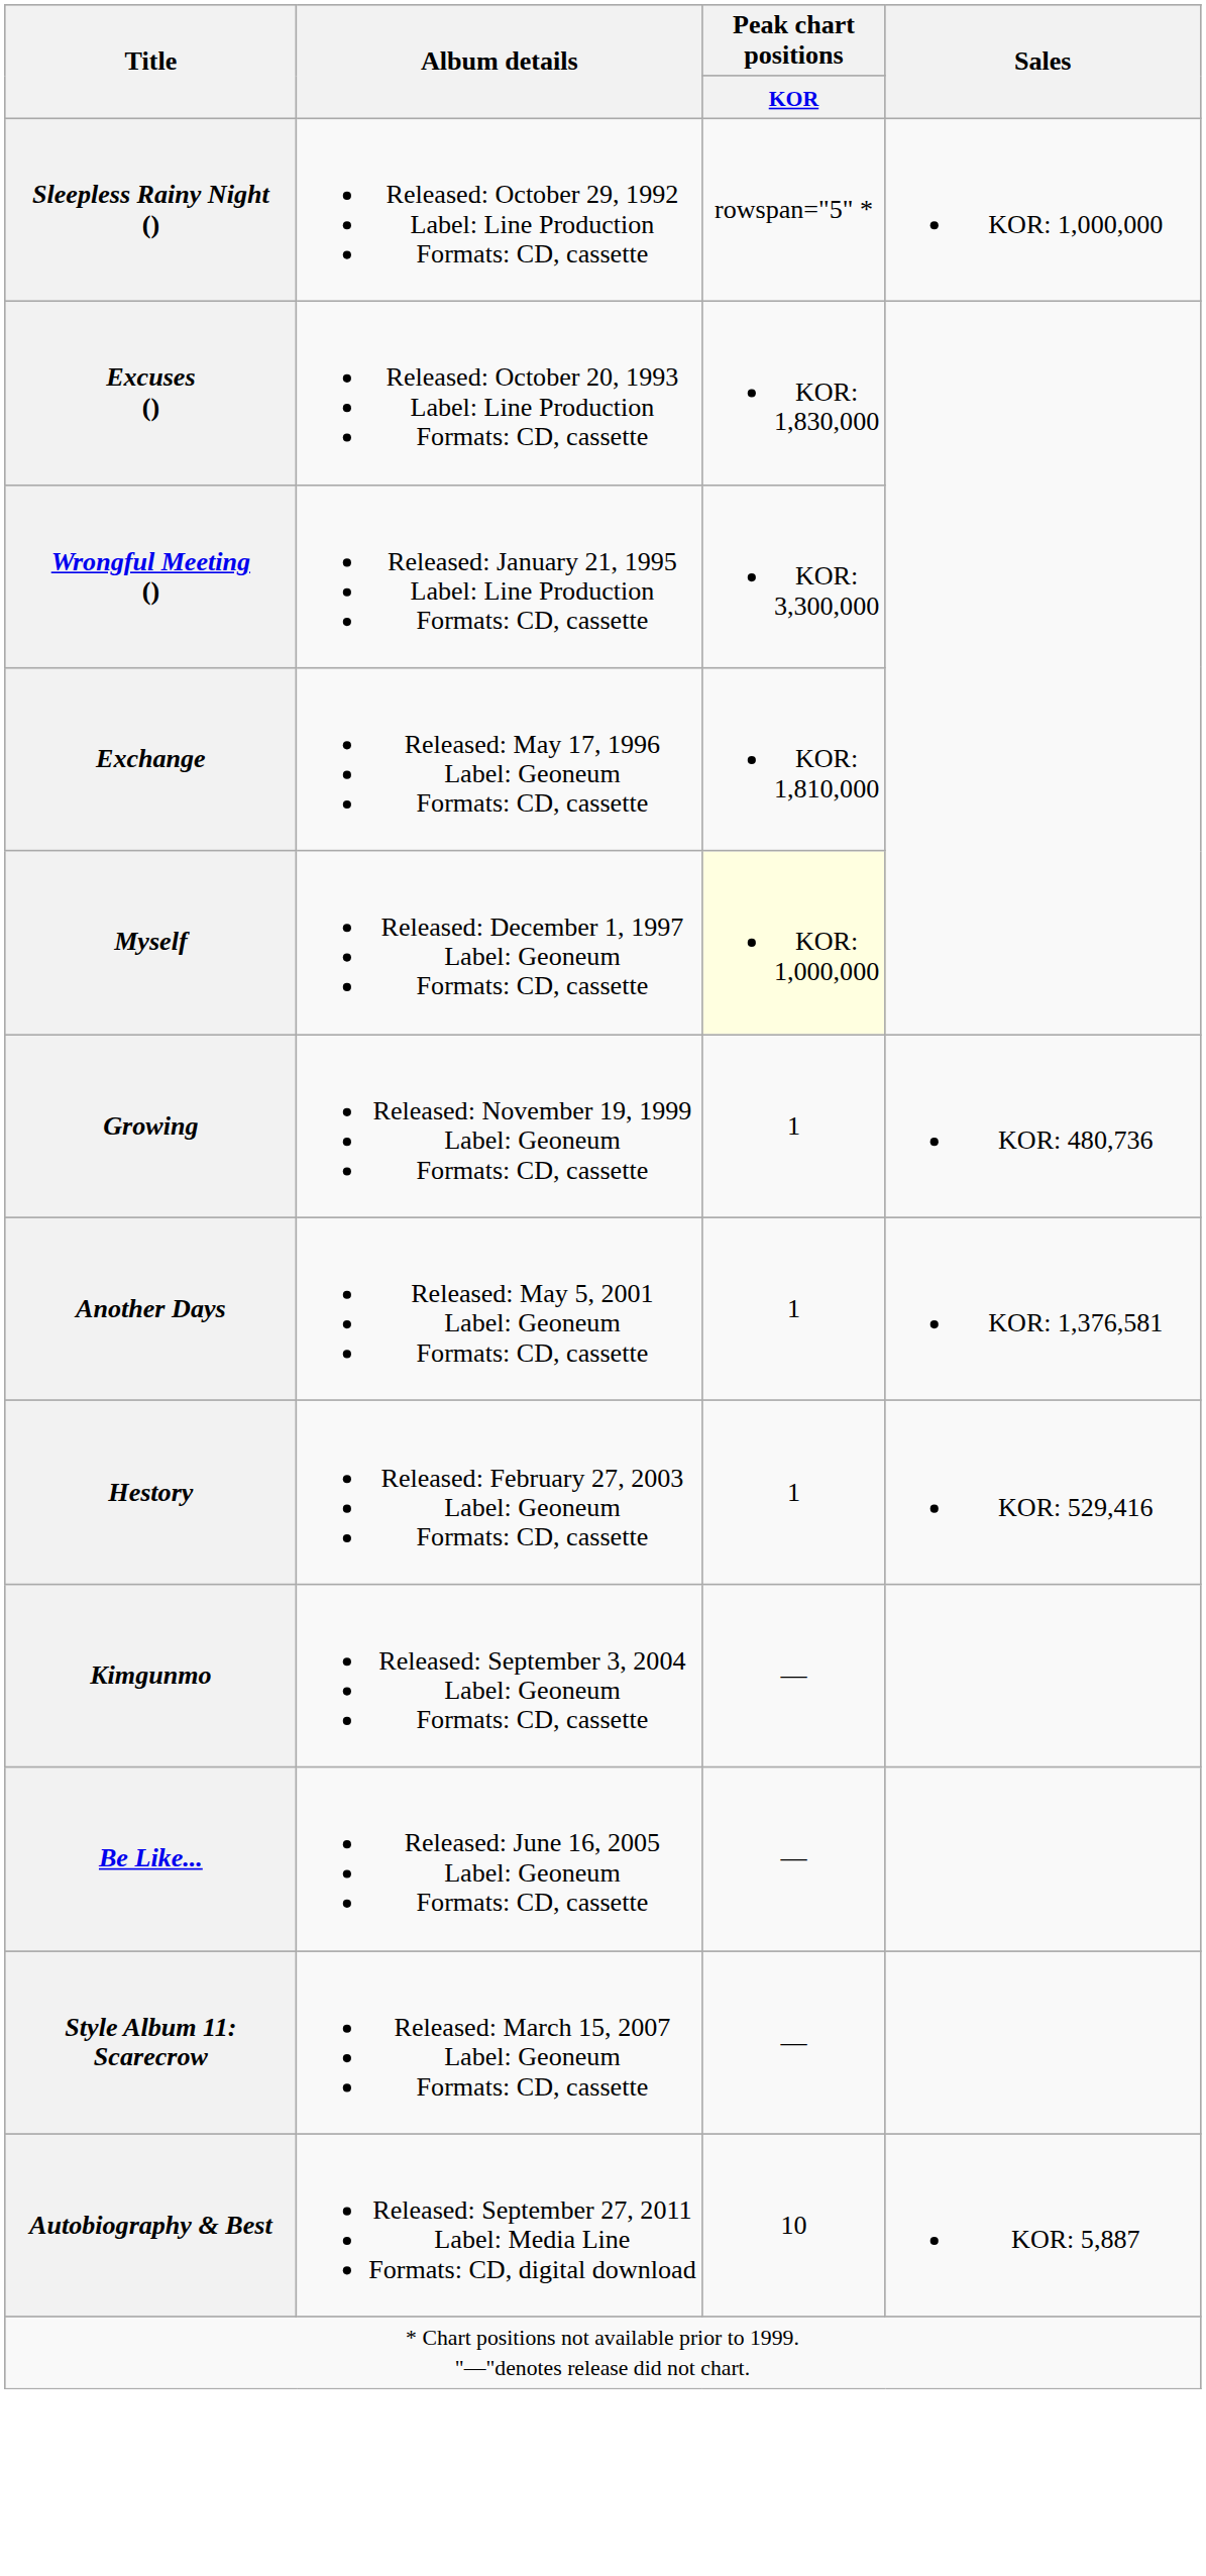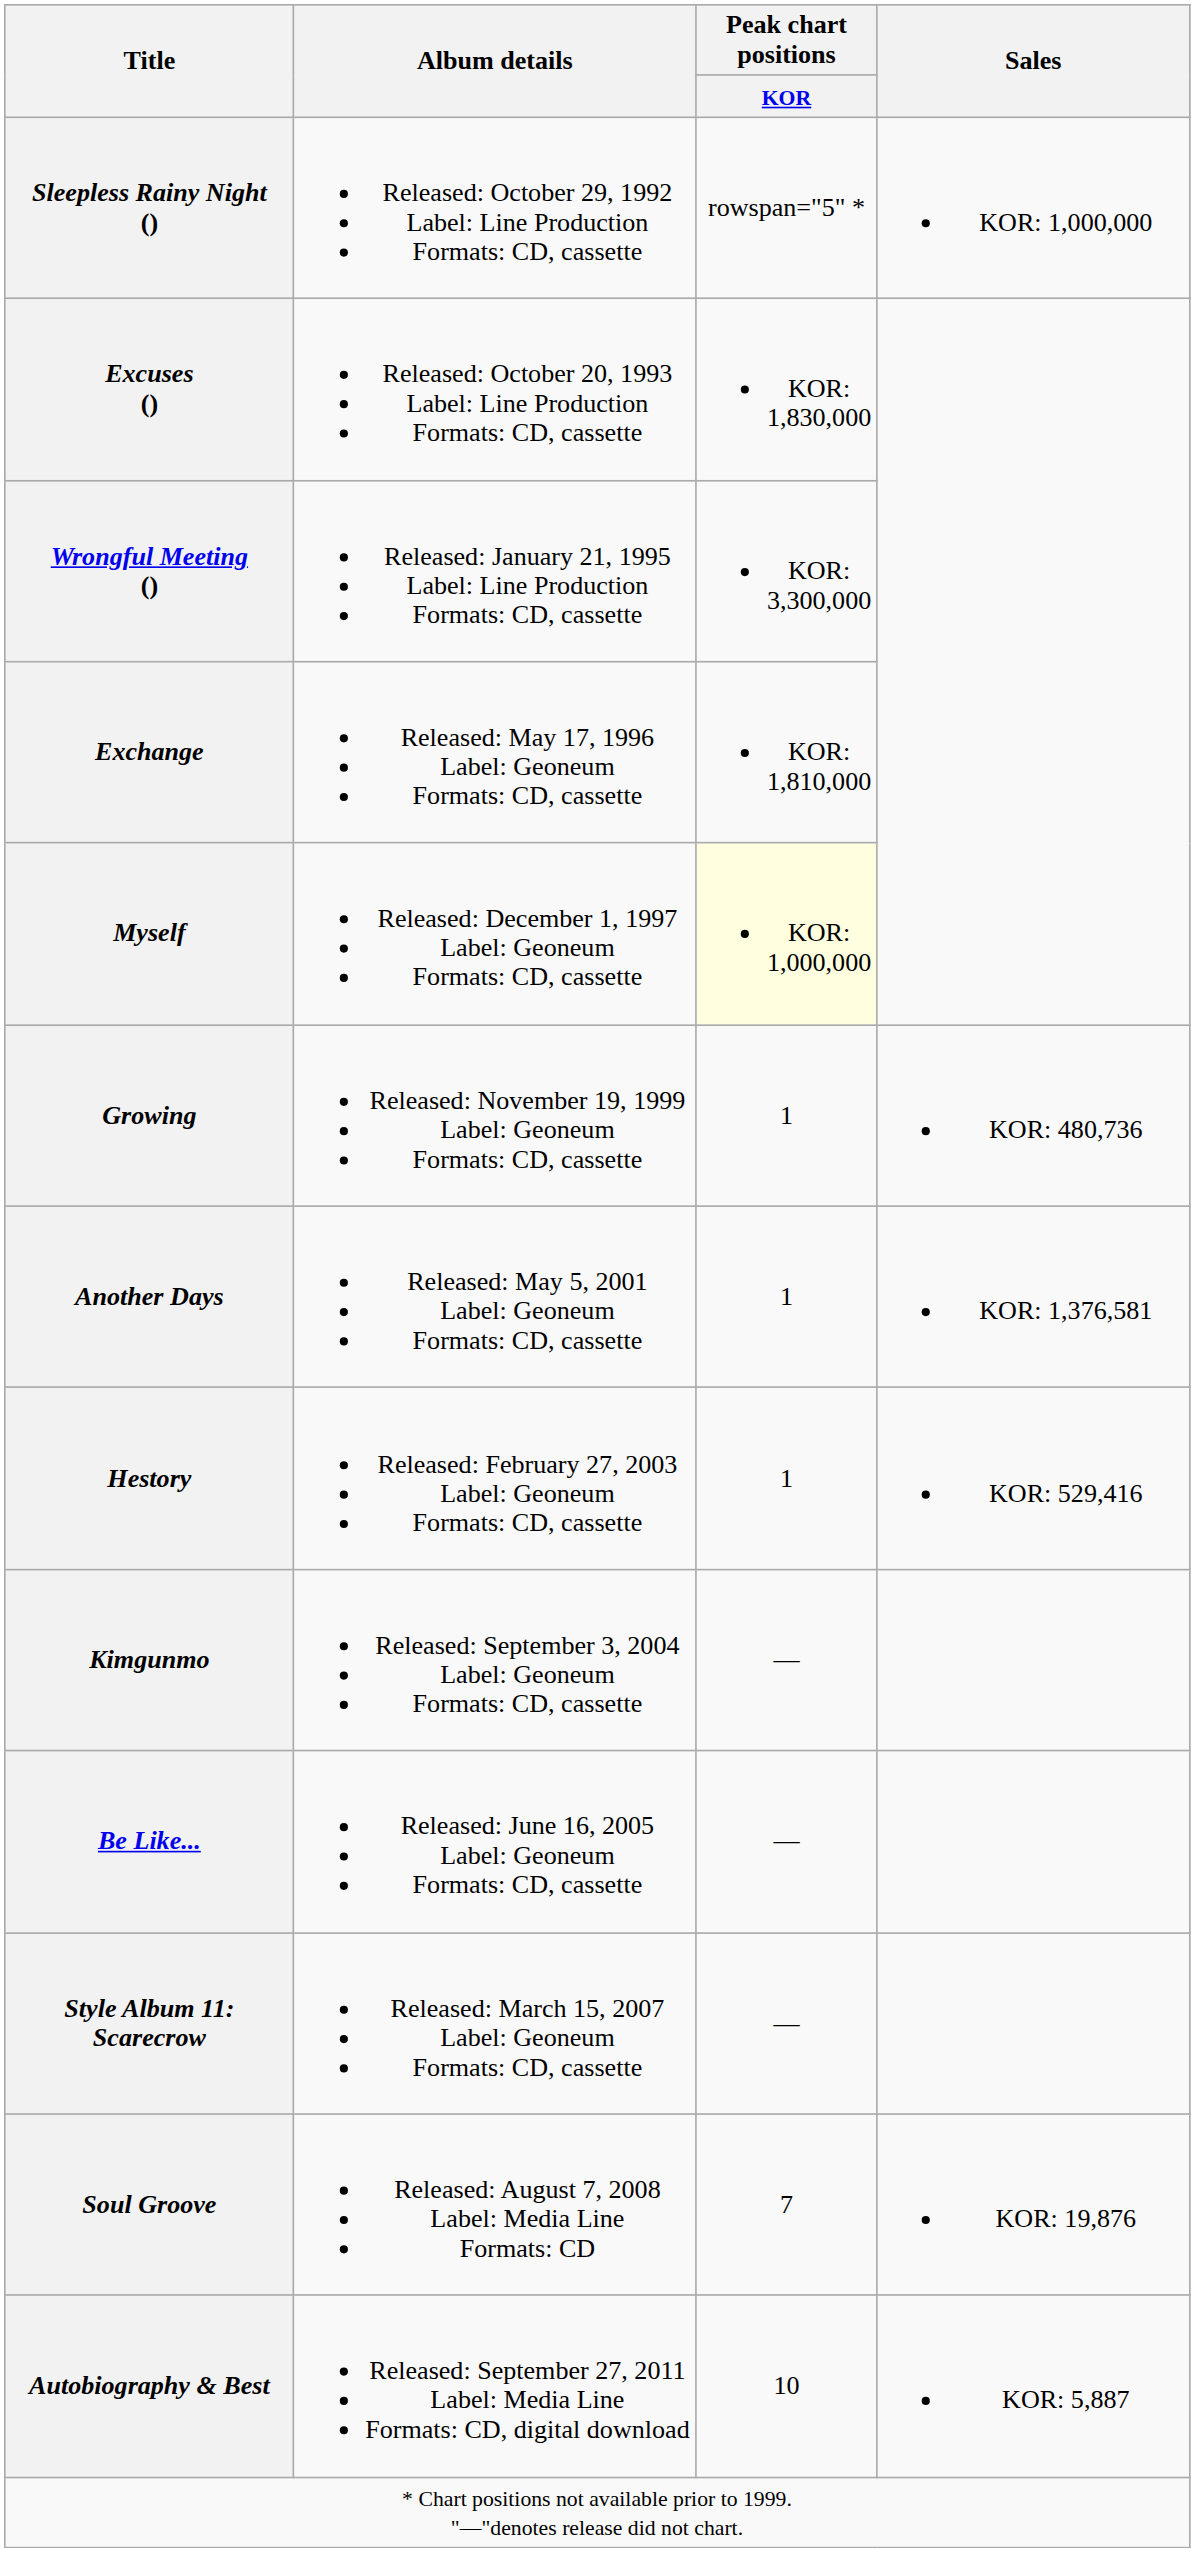 <table class="wikitable plainrowheaders" style="text-align:center;">
 <tr>
 <th scope="col" rowspan="2" width="170">Title</th>
 <th scope="col" rowspan="2">Album details</th>
 <th scope="col" colspan="1" style="width:5em;">Peak chart positions</th>
 <th scope="col" rowspan="2" style="width:11.5em;">Sales</th>
 </tr>
 <tr>
 <th><small><a href='#'>KOR</a></small><br></th>
 </tr>
 <tr>
 <th scope="row"><em>Sleepless Rainy Night</em><br>()</th>
 <td><br><ul><li>Released: October 29, 1992</li><li>Label: Line Production</li><li>Formats: CD, cassette</li></ul></td>
 <td>rowspan="5" *</td>
 <td><br><ul><li>KOR: 1,000,000</li></ul></td>
 </tr>
 <tr>
 <th scope="row"><em>Excuses</em><br>()</th>
 <td><br><ul><li>Released: October 20, 1993</li><li>Label: Line Production</li><li>Formats: CD, cassette</li></ul></td>
 <td><br><ul><li>KOR: 1,830,000</li></ul></td>
 </tr>
 <tr>
 <th scope="row"><em><a href='#'>Wrongful Meeting</a></em><br>()</th>
 <td><br><ul><li>Released: January 21, 1995</li><li>Label: Line Production</li><li>Formats: CD, cassette</li></ul></td>
 <td><br><ul><li>KOR: 3,300,000</li></ul></td>
 </tr>
 <tr>
 <th scope="row"><em>Exchange</em></th>
 <td><br><ul><li>Released: May 17, 1996</li><li>Label: Geoneum</li><li>Formats: CD, cassette</li></ul></td>
 <td><br><ul><li>KOR: 1,810,000</li></ul></td>
 </tr>
 <tr>
 <th scope="row"><em>Myself</em></th>
 <td><br><ul><li>Released: December 1, 1997</li><li>Label: Geoneum</li><li>Formats: CD, cassette</li></ul></td>
 <td style="background: lightyellow;"><br><ul><li>KOR: 1,000,000</li></ul></td>
 </tr>
 <tr>
 <th scope="row"><em>Growing</em></th>
 <td><br><ul><li>Released: November 19, 1999</li><li>Label: Geoneum</li><li>Formats: CD, cassette</li></ul></td>
 <td>1</td>
 <td><br><ul><li>KOR: 480,736</li></ul></td>
 </tr>
 <tr>
 <th scope="row"><em>Another Days</em></th>
 <td><br><ul><li>Released: May 5, 2001</li><li>Label: Geoneum</li><li>Formats: CD, cassette</li></ul></td>
 <td>1</td>
 <td><br><ul><li>KOR: 1,376,581</li></ul></td>
 </tr>
 <tr>
 <th scope="row"><em>Hestory</em></th>
 <td><br><ul><li>Released: February 27, 2003</li><li>Label: Geoneum</li><li>Formats: CD, cassette</li></ul></td>
 <td>1</td>
 <td><br><ul><li>KOR: 529,416</li></ul></td>
 </tr>
 <tr>
 <th scope="row"><em>Kimgunmo</em></th>
 <td><br><ul><li>Released: September 3, 2004</li><li>Label: Geoneum</li><li>Formats: CD, cassette</li></ul></td>
 <td>—</td>
 <td></td>
 </tr>
 <tr>
 <th scope="row"><em><a href='#'>Be Like...</a></em></th>
 <td><br><ul><li>Released: June 16, 2005</li><li>Label: Geoneum</li><li>Formats: CD, cassette</li></ul></td>
 <td>—</td>
 <td></td>
 </tr>
 <tr>
 <th scope="row"><em>Style Album 11: Scarecrow</em><br></th>
 <td><br><ul><li>Released: March 15, 2007</li><li>Label: Geoneum</li><li>Formats: CD, cassette</li></ul></td>
 <td>—</td>
 <td></td>
 </tr>
 <tr>
+<th scope="row"><em>Soul Groove</em></th>
+<td><br><ul><li>Released: August 7, 2008</li><li>Label: Media Line</li><li>Formats: CD</li></ul></td>
+<td>7</td>
+<td><br><ul><li>KOR: 19,876</li></ul></td>
+</tr>
+<tr>
 <th scope="row"><em>Autobiography & Best</em><br></th>
 <td><br><ul><li>Released: September 27, 2011</li><li>Label: Media Line</li><li>Formats: CD, digital download</li></ul></td>
 <td>10</td>
 <td><br><ul><li>KOR: 5,887</li></ul></td>
 </tr>
 <tr>
 <td colspan="4" align="center"><small>* Chart positions not available prior to 1999.<br>"—"denotes release did not chart.</small></td>
 </tr>
 </table>
